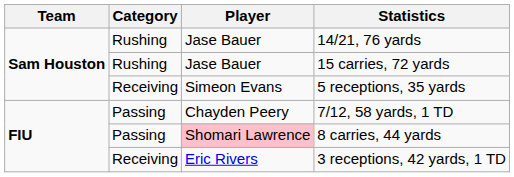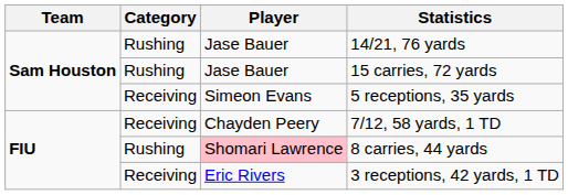 <table class="wikitable" style="float: right;">
 <tr>
 <th>Team</th>
 <th>Category</th>
 <th>Player</th>
 <th>Statistics</th>
 </tr>
 <tr>
 <td rowspan=3><strong>Sam Houston</strong></td>
 <td>Rushing</td>
 <td>Jase Bauer</td>
 <td>14/21, 76 yards</td>
 </tr>
 <tr>
 <td>Rushing</td>
 <td>Jase Bauer</td>
 <td>15 carries, 72 yards</td>
 </tr>
 <tr>
 <td>Receiving</td>
 <td>Simeon Evans</td>
 <td>5 receptions, 35 yards</td>
 </tr>
 <tr>
 <td rowspan=3><strong>FIU</strong></td>
-<td>Passing</td>
+<td>Receiving</td>
 <td>Chayden Peery</td>
 <td>7/12, 58 yards, 1 TD</td>
 </tr>
 <tr>
-<td>Passing</td>
+<td>Rushing</td>
 <td style="background: pink;">Shomari Lawrence</td>
 <td>8 carries, 44 yards</td>
 </tr>
 <tr>
 <td>Receiving</td>
 <td><a href='#'>Eric Rivers</a></td>
 <td>3 receptions, 42 yards, 1 TD</td>
 </tr>
 </table>
